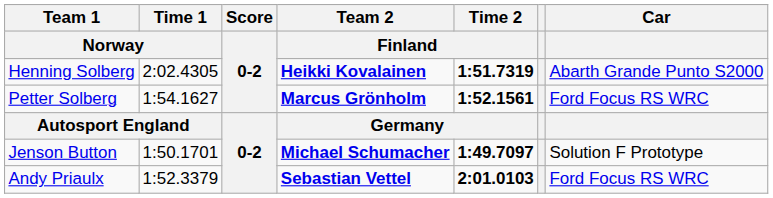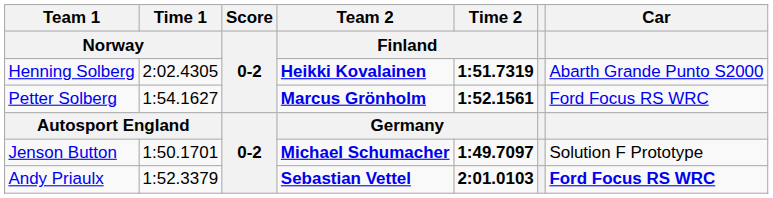 <table class="wikitable">
 <tr>
 <th>Team 1</th>
 <th>Time 1</th>
 <th>Score</th>
 <th>Team 2</th>
 <th>Time 2</th>
 <th></th>
 <th>Car</th>
 </tr>
 <tr>
 <th colspan=2> Norway</th>
 <th rowspan=3>0-2</th>
 <th colspan=2> <strong>Finland</strong></th>
 <th></th>
 <th></th>
 </tr>
 <tr>
 <td><a href='#'>Henning Solberg</a></td>
 <td>2:02.4305</td>
 <td><strong><a href='#'>Heikki Kovalainen</a></strong></td>
 <td><strong>1:51.7319</strong></td>
 <th></th>
 <td><a href='#'>Abarth Grande Punto S2000</a></td>
 </tr>
 <tr>
 <td><a href='#'>Petter Solberg</a></td>
 <td>1:54.1627</td>
 <td><strong><a href='#'>Marcus Grönholm</a></strong></td>
 <td><strong>1:52.1561</strong></td>
 <th></th>
 <td><a href='#'>Ford Focus RS WRC</a></td>
 </tr>
 <tr>
 <th colspan=2> Autosport England</th>
 <th rowspan=3>0-2</th>
 <th colspan=2> <strong>Germany</strong></th>
 <th></th>
 <th></th>
 </tr>
 <tr>
 <td><a href='#'>Jenson Button</a></td>
 <td>1:50.1701</td>
 <td><strong><a href='#'>Michael Schumacher</a></strong></td>
 <td><strong>1:49.7097</strong></td>
 <th></th>
 <td>Solution F Prototype</td>
 </tr>
 <tr>
 <td><a href='#'>Andy Priaulx</a></td>
 <td>1:52.3379</td>
 <td><strong><a href='#'>Sebastian Vettel</a></strong></td>
 <td><strong>2:01.0103</strong></td>
 <th></th>
-<td><a href='#'>Ford Focus RS WRC</a></td>
+<td><strong><a href='#'>Ford Focus RS WRC</a></strong></td>
 </tr>
 </table>
